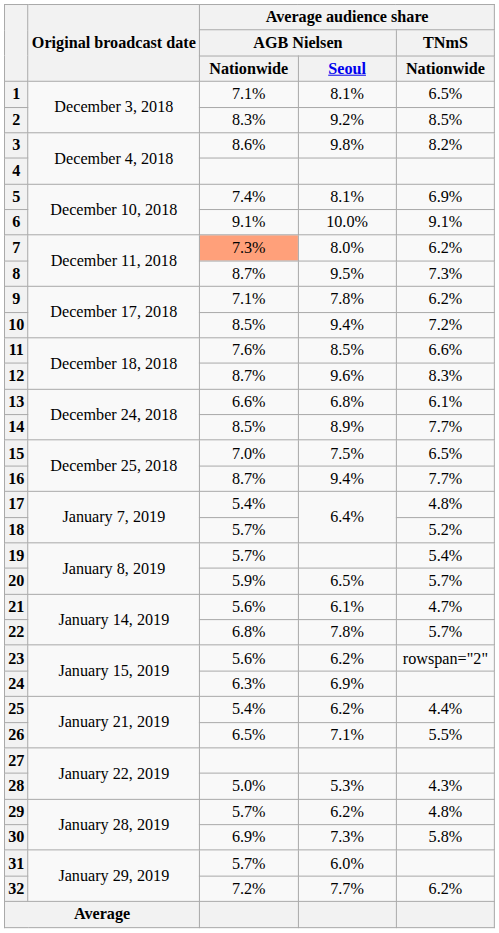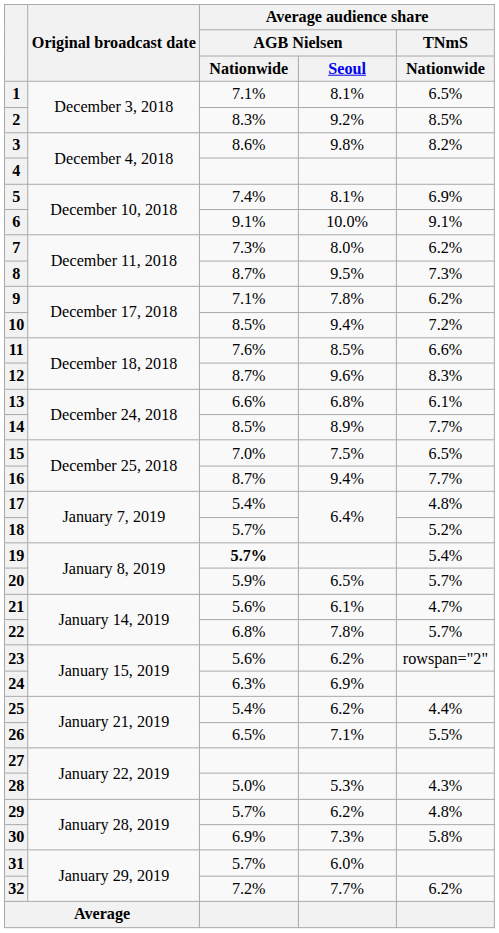 <table class="wikitable" style="text-align:center">
 <tr>
 <th rowspan="3"></th>
 <th rowspan="3">Original broadcast date</th>
 <th colspan="3">Average audience share</th>
 </tr>
 <tr>
 <th colspan="2">AGB Nielsen</th>
 <th width="90">TNmS</th>
 </tr>
 <tr>
 <th width="90">Nationwide</th>
 <th width="90"><a href='#'>Seoul</a></th>
 <th width="90">Nationwide</th>
 </tr>
 <tr>
 <th>1</th>
 <td rowspan="2">December 3, 2018</td>
 <td>7.1% </td>
 <td>8.1% </td>
 <td>6.5%</td>
 </tr>
 <tr>
 <th>2</th>
 <td>8.3% </td>
 <td>9.2% </td>
 <td>8.5%</td>
 </tr>
 <tr>
 <th>3</th>
 <td rowspan="2">December 4, 2018</td>
 <td>8.6% </td>
 <td>9.8% </td>
 <td>8.2%</td>
 </tr>
 <tr>
 <th>4</th>
 <td> </td>
 <td> </td>
 <td></td>
 </tr>
 <tr>
 <th>5</th>
 <td rowspan="2">December 10, 2018</td>
 <td>7.4% </td>
 <td>8.1% </td>
 <td>6.9%</td>
 </tr>
 <tr>
 <th>6</th>
 <td>9.1% </td>
 <td>10.0% </td>
 <td>9.1%</td>
 </tr>
 <tr>
 <th>7</th>
 <td rowspan="2">December 11, 2018</td>
-<td style="background: lightsalmon;">7.3% </td>
+<td>7.3% </td>
 <td>8.0% </td>
 <td>6.2%</td>
 </tr>
 <tr>
 <th>8</th>
 <td>8.7% </td>
 <td>9.5% </td>
 <td>7.3%</td>
 </tr>
 <tr>
 <th>9</th>
 <td rowspan="2">December 17, 2018</td>
 <td>7.1% </td>
 <td>7.8% </td>
 <td>6.2%</td>
 </tr>
 <tr>
 <th>10</th>
 <td>8.5% </td>
 <td>9.4% </td>
 <td>7.2%</td>
 </tr>
 <tr>
 <th>11</th>
 <td rowspan="2">December 18, 2018</td>
 <td>7.6% </td>
 <td>8.5% </td>
 <td>6.6%</td>
 </tr>
 <tr>
 <th>12</th>
 <td>8.7% </td>
 <td>9.6% </td>
 <td>8.3%</td>
 </tr>
 <tr>
 <th>13</th>
 <td rowspan="2">December 24, 2018</td>
 <td>6.6% </td>
 <td>6.8% </td>
 <td>6.1%</td>
 </tr>
 <tr>
 <th>14</th>
 <td>8.5% </td>
 <td>8.9% </td>
 <td>7.7%</td>
 </tr>
 <tr>
 <th>15</th>
 <td rowspan="2">December 25, 2018</td>
 <td>7.0% </td>
 <td>7.5% </td>
 <td>6.5%</td>
 </tr>
 <tr>
 <th>16</th>
 <td>8.7% </td>
 <td>9.4% </td>
 <td>7.7%</td>
 </tr>
 <tr>
 <th>17</th>
 <td rowspan="2">January 7, 2019</td>
 <td>5.4% </td>
 <td rowspan=2>6.4% </td>
 <td>4.8%</td>
 </tr>
 <tr>
 <th>18</th>
 <td>5.7% </td>
 <td>5.2%</td>
 </tr>
 <tr>
 <th>19</th>
 <td rowspan="2">January 8, 2019</td>
-<td>5.7% </td>
+<td><strong>5.7% </strong></td>
 <td></td>
 <td>5.4%</td>
 </tr>
 <tr>
 <th>20</th>
 <td>5.9% </td>
 <td>6.5% </td>
 <td>5.7%</td>
 </tr>
 <tr>
 <th>21</th>
 <td rowspan="2">January 14, 2019</td>
 <td>5.6% </td>
 <td>6.1% </td>
 <td>4.7%</td>
 </tr>
 <tr>
 <th>22</th>
 <td>6.8% </td>
 <td>7.8% </td>
 <td>5.7%</td>
 </tr>
 <tr>
 <th>23</th>
 <td rowspan="2">January 15, 2019</td>
 <td>5.6% </td>
 <td>6.2% </td>
 <td>rowspan="2" </td>
 </tr>
 <tr>
 <th>24</th>
 <td>6.3% </td>
 <td>6.9% </td>
 </tr>
 <tr>
 <th>25</th>
 <td rowspan="2">January 21, 2019</td>
 <td>5.4% </td>
 <td>6.2% </td>
 <td>4.4%</td>
 </tr>
 <tr>
 <th>26</th>
 <td>6.5% </td>
 <td>7.1% </td>
 <td>5.5%</td>
 </tr>
 <tr>
 <th>27</th>
 <td rowspan="2">January 22, 2019</td>
 <td> </td>
 <td></td>
 <td></td>
 </tr>
 <tr>
 <th>28</th>
 <td>5.0% </td>
 <td>5.3% </td>
 <td>4.3%</td>
 </tr>
 <tr>
 <th>29</th>
 <td rowspan="2">January 28, 2019</td>
 <td>5.7% </td>
 <td>6.2% </td>
 <td>4.8%</td>
 </tr>
 <tr>
 <th>30</th>
 <td>6.9% </td>
 <td>7.3% </td>
 <td>5.8%</td>
 </tr>
 <tr>
 <th>31</th>
 <td rowspan="2">January 29, 2019</td>
 <td>5.7% </td>
 <td>6.0% </td>
 <td></td>
 </tr>
 <tr>
 <th>32</th>
 <td>7.2% </td>
 <td>7.7% </td>
 <td>6.2%</td>
 </tr>
 <tr>
 <th colspan="2">Average</th>
 <th></th>
 <th></th>
 <th></th>
 </tr>
 </table>
